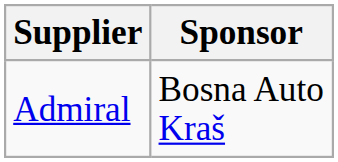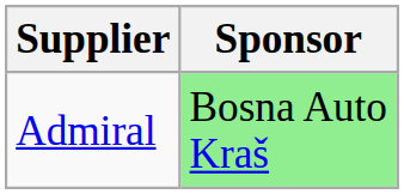 <table class="wikitable">
 <tr>
 <th>Supplier</th>
 <th>Sponsor</th>
 </tr>
 <tr>
 <td> <a href='#'>Admiral</a></td>
-<td> Bosna Auto<br> <a href='#'>Kraš</a></td>
+<td style="background: lightgreen;"> Bosna Auto<br> <a href='#'>Kraš</a></td>
 </tr>
 </table>
